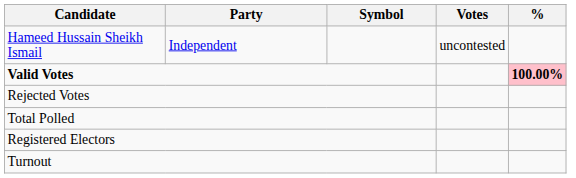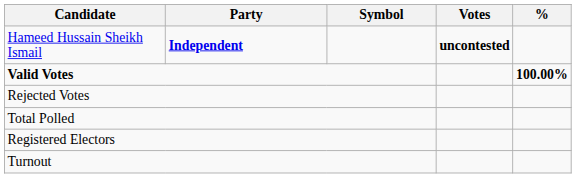 <table class="wikitable" border="1" style="text-align:right;">
 <tr>
 <th align=left width="180">Candidate</th>
 <th align=left width="180">Party</th>
 <th align=left width="120">Symbol</th>
 <th align=left width="60">Votes</th>
 <th align=left width="60">%</th>
 </tr>
 <tr>
 <td align=left><a href='#'>Hameed Hussain Sheikh Ismail</a></td>
-<td align=left><a href='#'>Independent</a></td>
+<td align=left><strong><a href='#'>Independent</a></strong></td>
 <td></td>
-<td>uncontested</td>
+<td><strong>uncontested</strong></td>
 <td></td>
 </tr>
 <tr>
 <td align=left colspan=3><strong>Valid Votes</strong></td>
 <td><strong> </strong></td>
-<td style="background: pink;"><strong>100.00%</strong></td>
+<td><strong>100.00%</strong></td>
 </tr>
 <tr>
 <td align=left colspan=3>Rejected Votes</td>
 <td></td>
 <td></td>
 </tr>
 <tr>
 <td align=left colspan=3>Total Polled</td>
 <td></td>
 <td></td>
 </tr>
 <tr>
 <td align=left colspan=3>Registered Electors</td>
 <td></td>
 <td></td>
 </tr>
 <tr>
 <td align=left colspan=3>Turnout</td>
 <td></td>
 </tr>
 </table>
